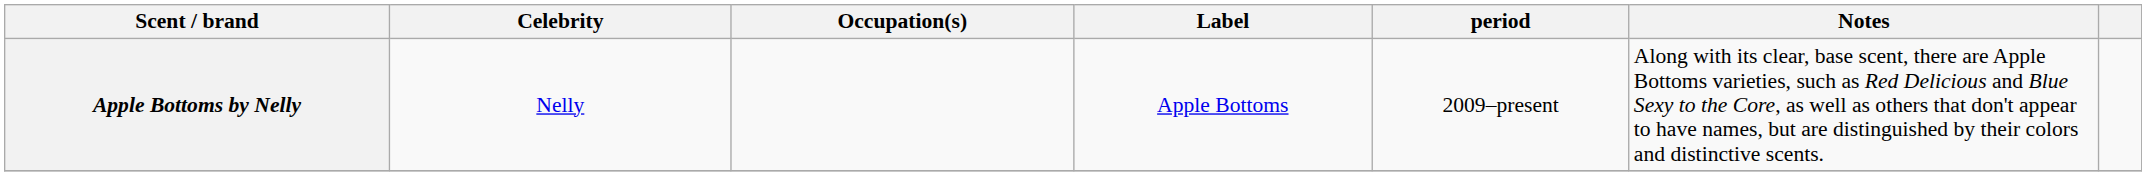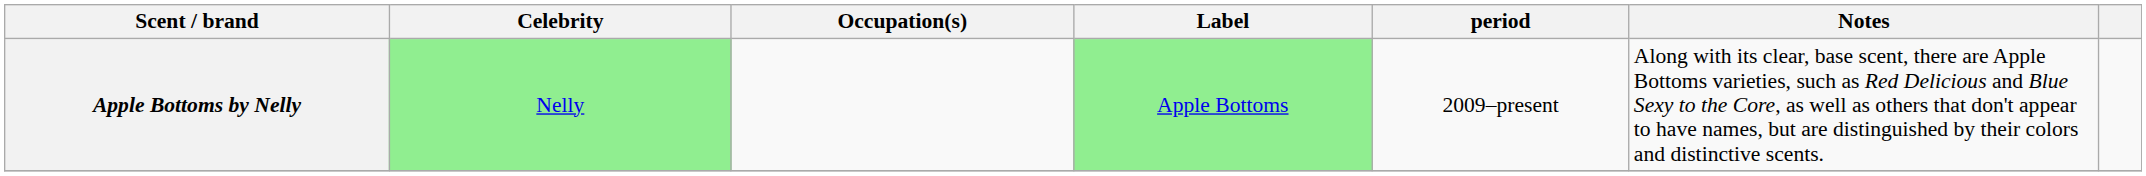 <table class="wikitable sortable plainrowheaders" font-size:95%; style="text-align:center;" width="100%;">
 <tr>
 <th scope="col" width="18%">Scent / brand</th>
 <th scope="col" width:"16%">Celebrity</th>
 <th scope="col" width="16%">Occupation(s)</th>
 <th scope="col" width="14%">Label</th>
 <th scope="col" width="12%"> period</th>
 <th scope="col" width="22%;" class="unsortable">Notes</th>
 <th scope="col" width="2%;" class="unsortable"></th>
 </tr>
 <tr>
 <th scope="row"><em>Apple Bottoms by Nelly</em></th>
-<td><a href='#'>Nelly</a></td>
+<td style="background: lightgreen;"><a href='#'>Nelly</a></td>
 <td></td>
-<td><a href='#'>Apple Bottoms</a></td>
+<td style="background: lightgreen;"><a href='#'>Apple Bottoms</a></td>
 <td>2009–present</td>
 <td style="text-align:left;">Along with its clear, base scent, there are Apple Bottoms varieties, such as <em>Red Delicious</em> and <em>Blue Sexy to the Core</em>, as well as others that don't appear to have names, but are distinguished by their colors and distinctive scents.</td>
 <td></td>
 </tr>
 <tr>
 </tr>
 </table>
